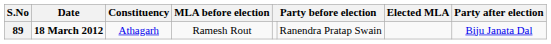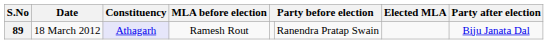 <table class="wikitable sortable" style="text-align:center;">
 <tr>
 <th>S.No</th>
 <th>Date</th>
 <th>Constituency</th>
 <th>MLA before election</th>
 <th colspan="2">Party before election</th>
 <th>Elected MLA</th>
 <th colspan="2">Party after election</th>
 </tr>
 <tr>
 <th>89</th>
-<td><strong>18 March 2012</strong></td>
-<td><a href='#'>Athagarh</a></td>
+<td>18 March 2012</td>
+<td style="background: lavender;"><a href='#'>Athagarh</a></td>
 <td>Ramesh Rout</td>
 <td></td>
 <td>Ranendra Pratap Swain</td>
 <td></td>
 <td><a href='#'>Biju Janata Dal</a></td>
 </tr>
 </table>
